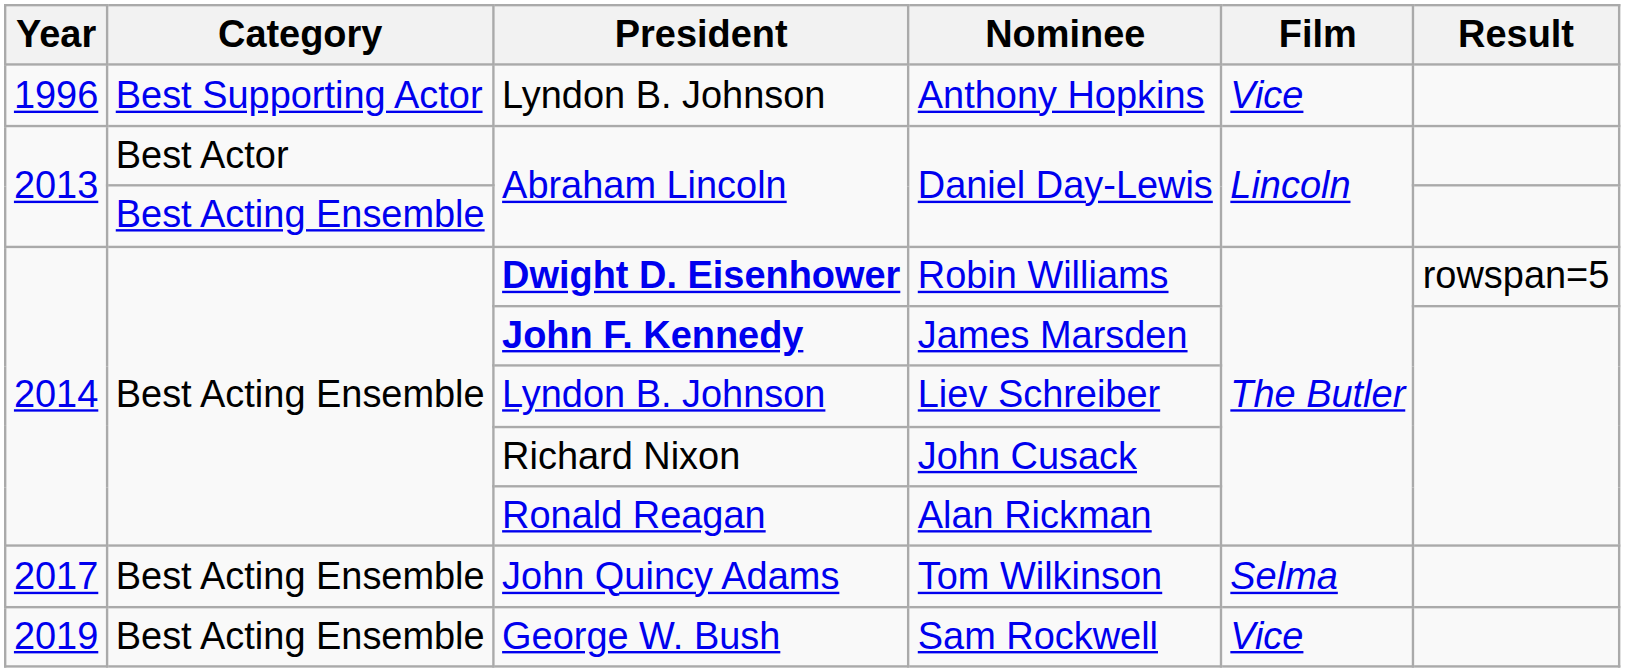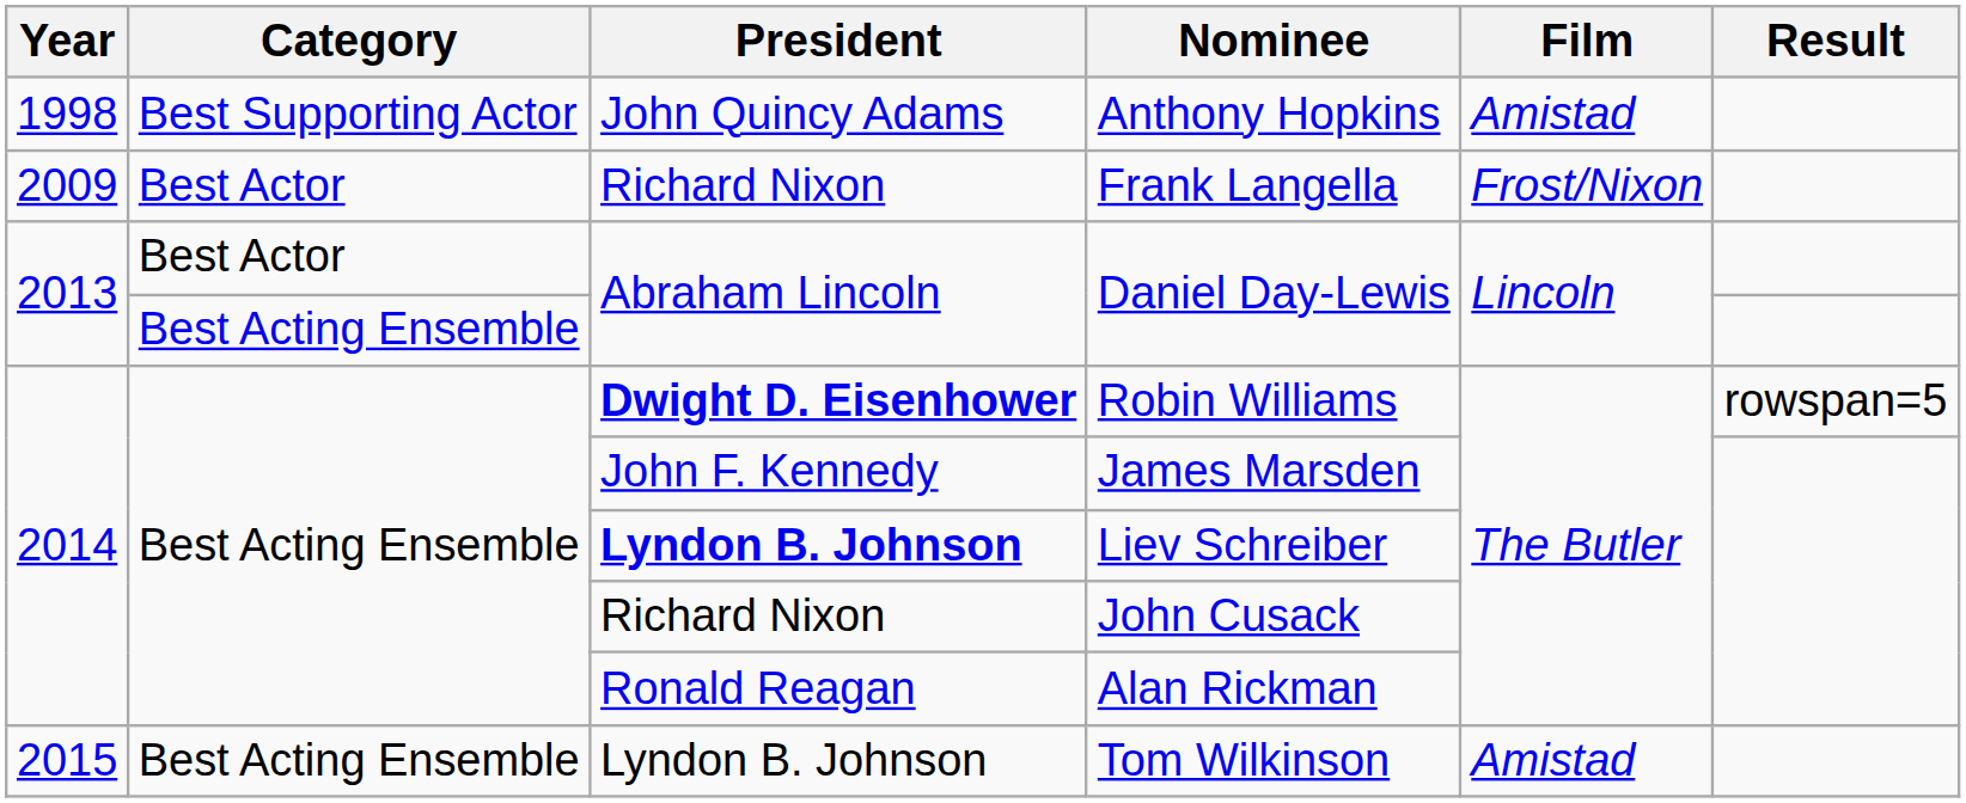 <table class="wikitable sortable">
 <tr>
 <th>Year</th>
 <th>Category</th>
 <th>President</th>
 <th>Nominee</th>
 <th>Film</th>
 <th>Result</th>
 </tr>
 <tr>
-<td><a href='#'>1996</a></td>
+<td><a href='#'>1998</a></td>
 <td><a href='#'>Best Supporting Actor</a></td>
-<td>Lyndon B. Johnson</td>
+<td><a href='#'>John Quincy Adams</a></td>
 <td><a href='#'>Anthony Hopkins</a></td>
-<td><em><a href='#'>Vice</a></em></td>
+<td><em><a href='#'>Amistad</a></em></td>
+<td></td>
+</tr>
+<tr>
+<td><a href='#'>2009</a></td>
+<td><a href='#'>Best Actor</a></td>
+<td><a href='#'>Richard Nixon</a></td>
+<td><a href='#'>Frank Langella</a></td>
+<td><em><a href='#'>Frost/Nixon</a></em></td>
 <td></td>
 </tr>
 <tr>
 <td rowspan=2><a href='#'>2013</a></td>
 <td>Best Actor</td>
 <td rowspan=2><a href='#'>Abraham Lincoln</a></td>
 <td rowspan=2><a href='#'>Daniel Day-Lewis</a></td>
 <td rowspan=2><em><a href='#'>Lincoln</a></em></td>
 <td></td>
 </tr>
 <tr>
 <td><a href='#'>Best Acting Ensemble</a></td>
 <td></td>
 </tr>
 <tr>
 <td rowspan=5><a href='#'>2014</a></td>
 <td rowspan=5>Best Acting Ensemble</td>
 <td><strong><a href='#'>Dwight D. Eisenhower</a></strong></td>
 <td><a href='#'>Robin Williams</a></td>
 <td rowspan=5><em><a href='#'>The Butler</a></em></td>
 <td>rowspan=5 </td>
 </tr>
 <tr>
-<td><strong><a href='#'>John F. Kennedy</a></strong></td>
+<td><a href='#'>John F. Kennedy</a></td>
 <td><a href='#'>James Marsden</a></td>
 </tr>
 <tr>
-<td><a href='#'>Lyndon B. Johnson</a></td>
+<td><strong><a href='#'>Lyndon B. Johnson</a></strong></td>
 <td><a href='#'>Liev Schreiber</a></td>
 </tr>
 <tr>
 <td>Richard Nixon</td>
 <td><a href='#'>John Cusack</a></td>
 </tr>
 <tr>
 <td><a href='#'>Ronald Reagan</a></td>
 <td><a href='#'>Alan Rickman</a></td>
 </tr>
 <tr>
-<td><a href='#'>2017</a></td>
+<td><a href='#'>2015</a></td>
 <td>Best Acting Ensemble</td>
-<td><a href='#'>John Quincy Adams</a></td>
+<td>Lyndon B. Johnson</td>
 <td><a href='#'>Tom Wilkinson</a></td>
-<td><em><a href='#'>Selma</a></em></td>
-<td></td>
-</tr>
-<tr>
-<td><a href='#'>2019</a></td>
-<td>Best Acting Ensemble</td>
-<td><a href='#'>George W. Bush</a></td>
-<td><a href='#'>Sam Rockwell</a></td>
-<td><em><a href='#'>Vice</a></em></td>
+<td><em><a href='#'>Amistad</a></em></td>
 <td></td>
 </tr>
 </table>
